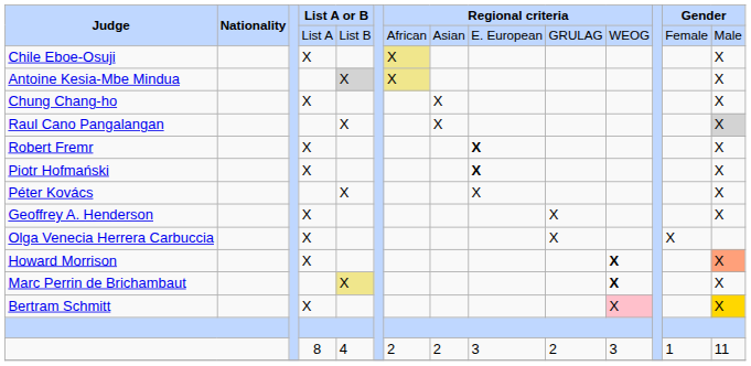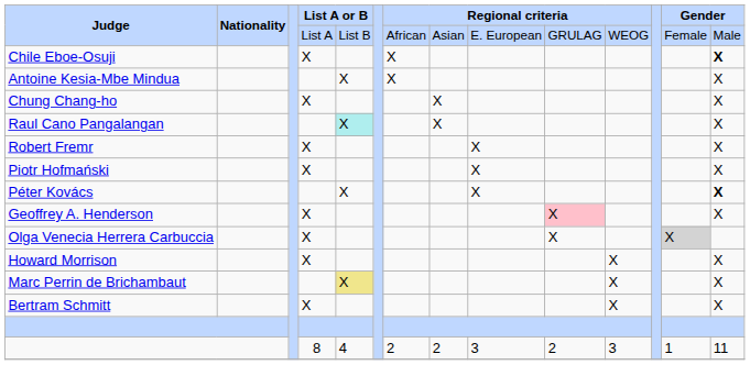 <table class="wikitable col3center col4center col5center col6center col7center col8center col9center col10center col11center">
 <tr bgcolor=#BFD7FF align="center" style="font-size:90%;">
 <td rowspan=2><strong>Judge</strong></td>
 <td rowspan=2><strong>Nationality</strong></td>
 <td rowspan=16> </td>
 <td colspan=2><strong>List A or B</strong></td>
 <td rowspan=16> </td>
 <td colspan=5><strong>Regional criteria</strong></td>
 <td rowspan=16> </td>
 <td colspan=2><strong>Gender</strong></td>
 </tr>
 <tr bgcolor=#BFD7FF align="center" style="font-size:90%;">
 <td>List A</td>
 <td>List B</td>
 <td>African</td>
 <td>Asian</td>
 <td>E. European</td>
 <td>GRULAG</td>
 <td>WEOG</td>
 <td>Female</td>
 <td>Male</td>
 </tr>
 <tr>
 <td><a href='#'>Chile Eboe-Osuji</a></td>
 <td></td>
 <td>X</td>
 <td></td>
-<td style="background: khaki;">X</td>
+<td>X</td>
 <td></td>
 <td></td>
 <td></td>
 <td></td>
 <td></td>
-<td>X</td>
+<td><strong>X</strong></td>
 </tr>
 <tr>
 <td><a href='#'>Antoine Kesia-Mbe Mindua</a></td>
 <td></td>
 <td></td>
-<td style="background: lightgrey;">X</td>
-<td style="background: khaki;">X</td>
+<td>X</td>
+<td>X</td>
 <td></td>
 <td></td>
 <td></td>
 <td></td>
 <td></td>
 <td>X</td>
 </tr>
 <tr>
 <td><a href='#'>Chung Chang-ho</a></td>
 <td></td>
 <td>X</td>
 <td></td>
 <td></td>
 <td>X</td>
 <td></td>
 <td></td>
 <td></td>
 <td></td>
 <td>X</td>
 </tr>
 <tr>
 <td><a href='#'>Raul Cano Pangalangan</a></td>
 <td></td>
 <td></td>
-<td>X</td>
+<td style="background: paleturquoise;">X</td>
 <td></td>
 <td>X</td>
 <td></td>
 <td></td>
 <td></td>
 <td></td>
-<td style="background: lightgrey;">X</td>
+<td>X</td>
 </tr>
 <tr>
 <td><a href='#'>Robert Fremr</a></td>
 <td></td>
 <td>X</td>
 <td></td>
 <td></td>
 <td></td>
-<td><strong>X</strong></td>
+<td>X</td>
 <td></td>
 <td></td>
 <td></td>
 <td>X</td>
 </tr>
 <tr>
 <td><a href='#'>Piotr Hofmański</a></td>
 <td></td>
 <td>X</td>
 <td></td>
 <td></td>
 <td></td>
-<td><strong>X</strong></td>
+<td>X</td>
 <td></td>
 <td></td>
 <td></td>
 <td>X</td>
 </tr>
 <tr>
 <td><a href='#'>Péter Kovács</a></td>
 <td></td>
 <td></td>
 <td>X</td>
 <td></td>
 <td></td>
 <td>X</td>
 <td></td>
 <td></td>
 <td></td>
-<td>X</td>
+<td><strong>X</strong></td>
 </tr>
 <tr>
 <td><a href='#'>Geoffrey A. Henderson</a></td>
 <td></td>
 <td>X</td>
 <td></td>
 <td></td>
 <td></td>
 <td></td>
-<td>X</td>
+<td style="background: pink;">X</td>
 <td></td>
 <td></td>
 <td>X</td>
 </tr>
 <tr>
 <td><a href='#'>Olga Venecia Herrera Carbuccia</a></td>
 <td></td>
 <td>X</td>
 <td></td>
 <td></td>
 <td></td>
 <td></td>
 <td>X</td>
 <td></td>
-<td>X</td>
+<td style="background: lightgrey;">X</td>
 <td></td>
 </tr>
 <tr>
 <td><a href='#'>Howard Morrison</a></td>
 <td></td>
 <td>X</td>
 <td></td>
 <td></td>
 <td></td>
 <td></td>
 <td></td>
-<td><strong>X</strong></td>
+<td>X</td>
 <td></td>
-<td style="background: lightsalmon;">X</td>
+<td>X</td>
 </tr>
 <tr>
 <td><a href='#'>Marc Perrin de Brichambaut</a></td>
 <td></td>
 <td></td>
 <td style="background: khaki;">X</td>
 <td></td>
 <td></td>
 <td></td>
 <td></td>
-<td><strong>X</strong></td>
+<td>X</td>
 <td></td>
 <td>X</td>
 </tr>
 <tr>
 <td><a href='#'>Bertram Schmitt</a></td>
 <td></td>
 <td>X</td>
 <td></td>
 <td></td>
 <td></td>
 <td></td>
 <td></td>
-<td style="background: pink;">X</td>
+<td>X</td>
 <td></td>
-<td style="background: gold;">X</td>
+<td>X</td>
 </tr>
 <tr bgcolor=#BFD7FF align="center" style="font-size:90%;">
 <td colspan=2> </td>
 <td colspan=2> </td>
 <td colspan=5> </td>
 <td colspan=2> </td>
 </tr>
 <tr>
 <td colspan=2></td>
 <td align="center">8</td>
 <td>4</td>
 <td>2</td>
 <td>2</td>
 <td>3</td>
 <td>2</td>
 <td>3</td>
 <td>1</td>
 <td>11</td>
 </tr>
 <tr>
 </tr>
 </table>
